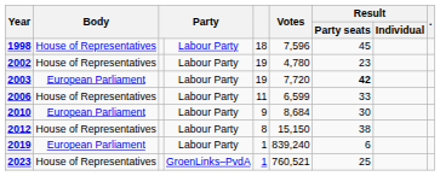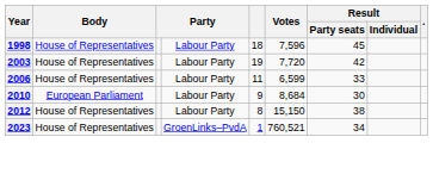 <table class="wikitable plainrowheaders sortable" border=2 cellpadding=4 cellspacing=0 style="border: 1px #aaa solid; font-size: 90%; text-align:center;">
 <tr>
 <th scope="col" rowspan=2>Year</th>
 <th scope="col" rowspan=2>Body</th>
 <th scope="col" colspan=2 rowspan=2>Party</th>
 <th scope="col" rowspan=2></th>
 <th scope="col" rowspan=2>Votes</th>
 <th scope="colgroup" colspan=2>Result</th>
 <th scope="col" rowspan=2 class="unsortable">.</th>
 </tr>
 <tr>
 <th scope="col">Party seats</th>
 <th scope="col">Individual</th>
 </tr>
 <tr>
 <th scope="row"><a href='#'>1998</a></th>
 <td><a href='#'>House of Representatives</a></td>
 <td style="background-color:"></td>
 <td><a href='#'>Labour Party</a></td>
 <td style=text-align:right>18</td>
 <td style=text-align:right>7,596</td>
 <td style=text-align:right>45</td>
 <td></td>
 <td></td>
 </tr>
 <tr>
-<th scope="row"><a href='#'>2002</a></th>
+<th scope="row"><a href='#'>2003</a></th>
 <td>House of Representatives</td>
 <td style="background-color:"></td>
 <td>Labour Party</td>
 <td style=text-align:right>19</td>
-<td style=text-align:right>4,780</td>
-<td style=text-align:right>23</td>
-<td></td>
-<td></td>
-</tr>
-<tr>
-<th scope="row"><a href='#'>2003</a></th>
-<td><a href='#'>European Parliament</a></td>
-<td style="background-color:"></td>
-<td>Labour Party</td>
-<td style=text-align:right>19</td>
 <td style=text-align:right>7,720</td>
-<td style=text-align:right><strong>42</strong></td>
+<td style=text-align:right>42</td>
 <td></td>
 <td></td>
 </tr>
 <tr>
 <th scope="row"><a href='#'>2006</a></th>
 <td>House of Representatives</td>
 <td style="background-color:"></td>
 <td>Labour Party</td>
 <td style=text-align:right>11</td>
 <td style=text-align:right>6,599</td>
 <td style=text-align:right>33</td>
 <td></td>
 <td></td>
 </tr>
 <tr>
 <th scope="row"><a href='#'>2010</a></th>
 <td><a href='#'>European Parliament</a></td>
 <td style="background-color:"></td>
 <td>Labour Party</td>
 <td style=text-align:right>9</td>
 <td style=text-align:right>8,684</td>
 <td style=text-align:right>30</td>
 <td></td>
 <td></td>
 </tr>
 <tr>
 <th scope="row"><a href='#'>2012</a></th>
 <td>House of Representatives</td>
 <td style="background-color:"></td>
 <td>Labour Party</td>
 <td style=text-align:right>8</td>
 <td style=text-align:right>15,150</td>
 <td style=text-align:right>38</td>
 <td></td>
 <td></td>
 </tr>
 <tr>
-<th scope="row"><a href='#'>2019</a></th>
-<td><a href='#'>European Parliament</a></td>
-<td style="background-color:"></td>
-<td>Labour Party</td>
-<td style=text-align:right>1</td>
-<td style=text-align:right>839,240</td>
-<td style=text-align:right>6</td>
-<td></td>
-<td></td>
-</tr>
-<tr>
 <th scope="row"><a href='#'>2023</a></th>
 <td>House of Representatives</td>
 <td style="background-color:"></td>
 <td><a href='#'>GroenLinks–PvdA</a></td>
 <td style=text-align:right><a href='#'>1</a></td>
 <td style=text-align:right>760,521</td>
-<td style=text-align:right>25</td>
+<td style=text-align:right>34</td>
 <td></td>
 <td></td>
 </tr>
 </table>
